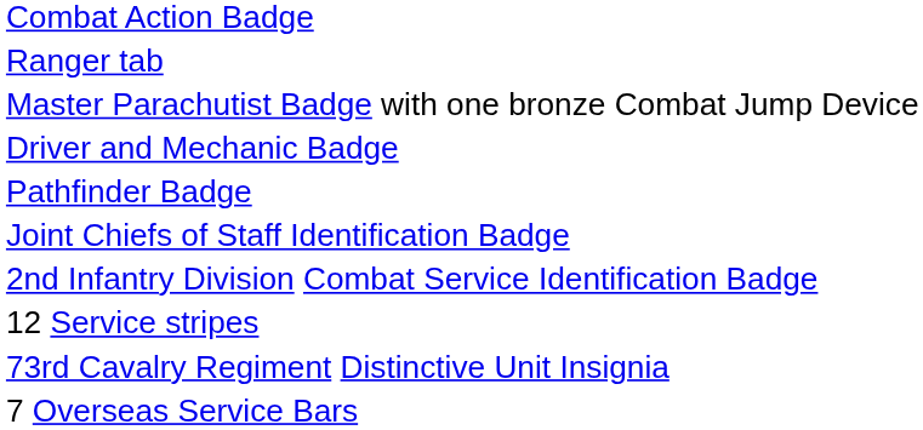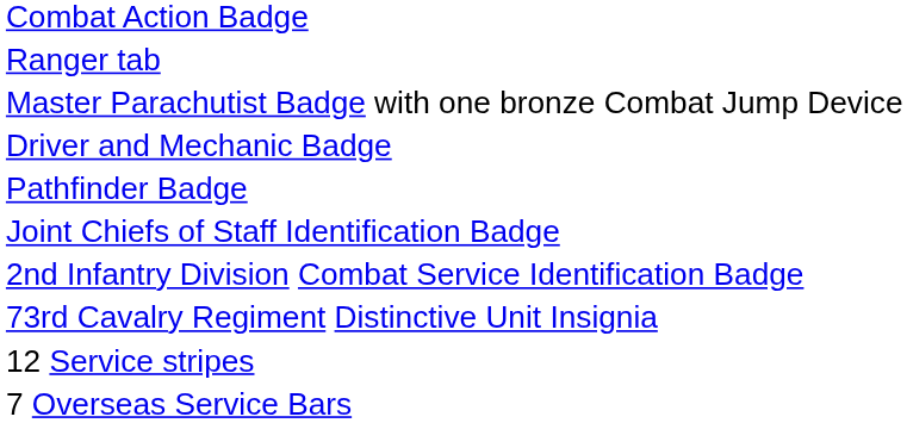 <table>
 <tr>
 <td> <a href='#'>Combat Action Badge</a></td>
 </tr>
 <tr>
 <td> <a href='#'>Ranger tab</a></td>
 </tr>
 <tr>
 <td> <a href='#'>Master Parachutist Badge</a> with one bronze Combat Jump Device</td>
 </tr>
 <tr>
 <td> <a href='#'>Driver and Mechanic Badge</a></td>
 </tr>
 <tr>
 <td> <a href='#'>Pathfinder Badge</a></td>
 </tr>
 <tr>
 <td> <a href='#'>Joint Chiefs of Staff Identification Badge</a></td>
 </tr>
 <tr>
 <td> <a href='#'>2nd Infantry Division</a> <a href='#'>Combat Service Identification Badge</a></td>
 </tr>
 <tr>
-<td> 12 <a href='#'>Service stripes</a></td>
+<td> <a href='#'>73rd Cavalry Regiment</a> <a href='#'>Distinctive Unit Insignia</a></td>
 </tr>
 <tr>
-<td> <a href='#'>73rd Cavalry Regiment</a> <a href='#'>Distinctive Unit Insignia</a></td>
+<td> 12 <a href='#'>Service stripes</a></td>
 </tr>
 <tr>
 <td> 7 <a href='#'>Overseas Service Bars</a></td>
 </tr>
 </table>
